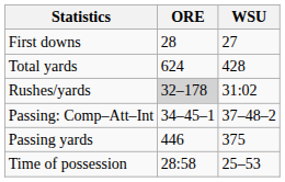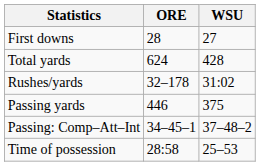 <table class="wikitable" style="float: left;">
 <tr>
 <th>Statistics</th>
 <th>ORE</th>
 <th>WSU</th>
 </tr>
 <tr>
 <td>First downs</td>
 <td>28</td>
 <td>27</td>
 </tr>
 <tr>
 <td>Total yards</td>
 <td>624</td>
 <td>428</td>
 </tr>
 <tr>
 <td>Rushes/yards</td>
-<td style="background: lightgrey;">32–178</td>
+<td>32–178</td>
 <td>31:02</td>
+</tr>
+<tr>
+<td>Passing yards</td>
+<td>446</td>
+<td>375</td>
 </tr>
 <tr>
 <td>Passing: Comp–Att–Int</td>
 <td>34–45–1</td>
 <td>37–48–2</td>
 </tr>
 <tr>
-<td>Passing yards</td>
-<td>446</td>
-<td>375</td>
-</tr>
-<tr>
 <td>Time of possession</td>
 <td>28:58</td>
 <td>25–53</td>
 </tr>
 </table>
